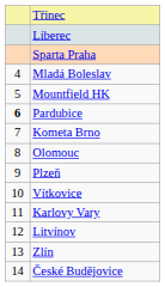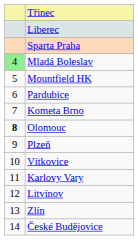 <table class="wikitable" style="width:200px;">
 <tr style="background:#F7F6A8;">
 <td align=center></td>
 <td><a href='#'>Třinec</a></td>
 </tr>
 <tr style="background:#DCE5E5;">
 <td align=center></td>
 <td><a href='#'>Liberec</a></td>
 </tr>
 <tr style="background:#FFDAB9;">
 <td align=center></td>
 <td><a href='#'>Sparta Praha</a></td>
 </tr>
 <tr>
-<td align=center>4</td>
+<td align=center style="background: lightgreen;">4</td>
 <td><a href='#'>Mladá Boleslav</a></td>
 </tr>
 <tr>
 <td align=center>5</td>
 <td><a href='#'>Mountfield HK</a></td>
 </tr>
 <tr>
-<td align=center><strong>6</strong></td>
+<td align=center>6</td>
 <td><a href='#'>Pardubice</a></td>
 </tr>
 <tr>
 <td align=center>7</td>
 <td><a href='#'>Kometa Brno</a></td>
 </tr>
 <tr>
-<td align=center>8</td>
+<td align=center><strong>8</strong></td>
 <td><a href='#'>Olomouc</a></td>
 </tr>
 <tr>
 <td align=center>9</td>
 <td><a href='#'>Plzeň</a></td>
 </tr>
 <tr>
 <td align=center>10</td>
 <td><a href='#'>Vítkovice</a></td>
 </tr>
 <tr>
 <td align=center>11</td>
 <td><a href='#'>Karlovy Vary</a></td>
 </tr>
 <tr>
 <td align=center>12</td>
 <td><a href='#'>Litvínov</a></td>
 </tr>
 <tr>
 <td align=center>13</td>
 <td><a href='#'>Zlín</a></td>
 </tr>
 <tr>
 <td align=center>14</td>
 <td><a href='#'>České Budějovice</a></td>
 </tr>
 </table>
